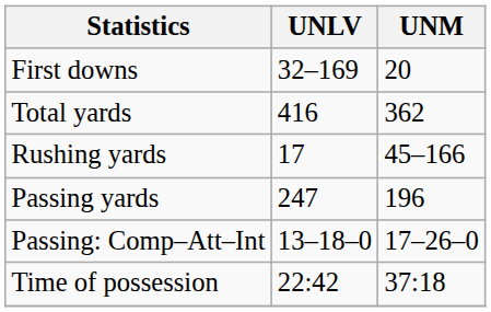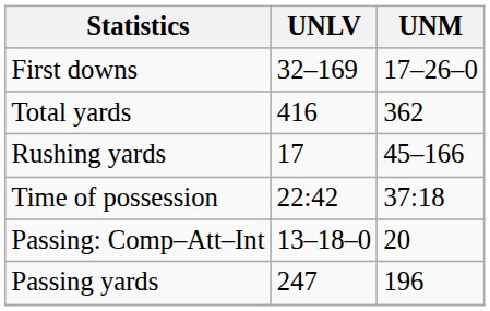 <table class="wikitable" style="float: left;">
 <tr>
 <th>Statistics</th>
 <th>UNLV</th>
 <th>UNM</th>
 </tr>
 <tr>
 <td>First downs</td>
 <td>32–169</td>
-<td>20</td>
+<td>17–26–0</td>
 </tr>
 <tr>
 <td>Total yards</td>
 <td>416</td>
 <td>362</td>
 </tr>
 <tr>
 <td>Rushing yards</td>
 <td>17</td>
 <td>45–166</td>
 </tr>
 <tr>
+<td>Time of possession</td>
+<td>22:42</td>
+<td>37:18</td>
+</tr>
+<tr>
+<td>Passing: Comp–Att–Int</td>
+<td>13–18–0</td>
+<td>20</td>
+</tr>
+<tr>
 <td>Passing yards</td>
 <td>247</td>
 <td>196</td>
 </tr>
 <tr>
-<td>Passing: Comp–Att–Int</td>
-<td>13–18–0</td>
-<td>17–26–0</td>
-</tr>
-<tr>
-<td>Time of possession</td>
-<td>22:42</td>
-<td>37:18</td>
-</tr>
-<tr>
 </tr>
 </table>
